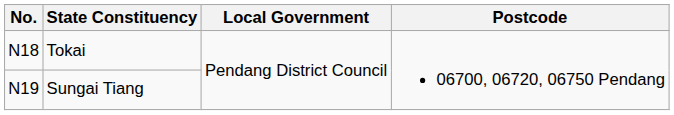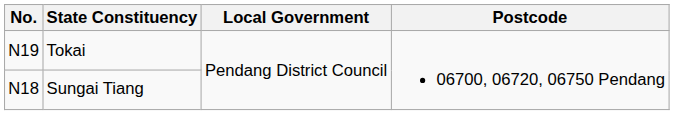 <table class="wikitable">
 <tr>
 <th>No.</th>
 <th>State Constituency</th>
 <th>Local Government</th>
 <th>Postcode</th>
 </tr>
 <tr>
-<td>N18</td>
+<td>N19</td>
 <td>Tokai</td>
 <td rowspan="2">Pendang District Council</td>
 <td rowspan="2"><br><ul><li>06700, 06720, 06750 Pendang</li></ul></td>
 </tr>
 <tr>
-<td>N19</td>
+<td>N18</td>
 <td>Sungai Tiang</td>
 </tr>
 </table>
